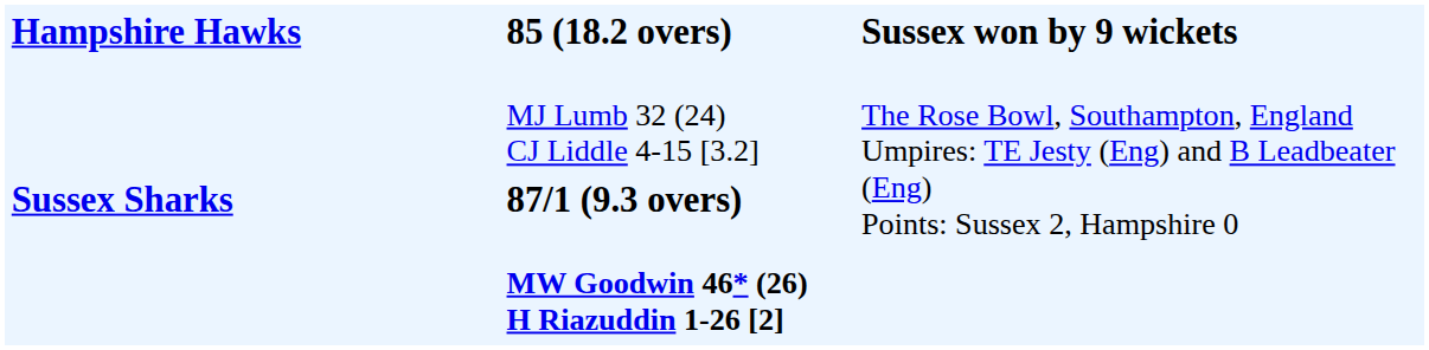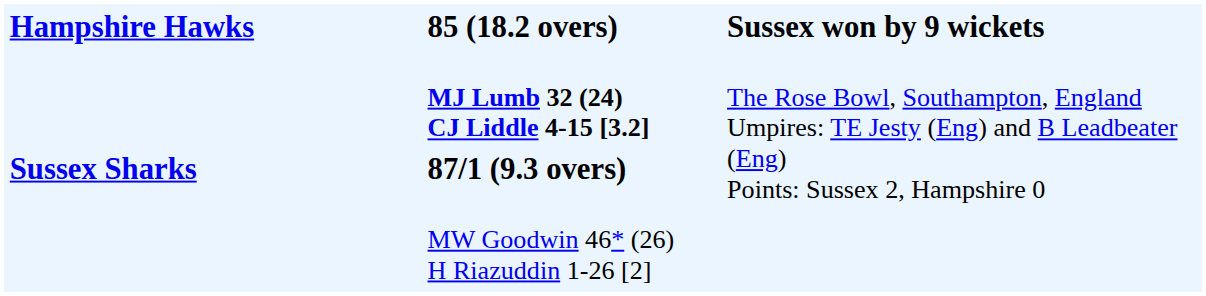 <table style="width:100%; background:#ebf5ff;">
 <tr>
 <td style="width:35%; vertical-align:top;" rowspan="2"><strong><a href='#'>Hampshire Hawks</a></strong></td>
 <td style="width:25%;"><strong>85 (18.2 overs)</strong></td>
 <td style="width:40%;"><strong>Sussex won by 9 wickets</strong></td>
 </tr>
 <tr>
-<td style="font-size: 85%;"><br><a href='#'>MJ Lumb</a> 32 (24)<br> <a href='#'>CJ Liddle</a> 4-15 [3.2]</td>
+<td style="font-size: 85%;"><strong><br><a href='#'>MJ Lumb</a> 32 (24)<br> <a href='#'>CJ Liddle</a> 4-15 [3.2]</strong></td>
 <td style="vertical-align:top; font-size:85%;" rowspan="3"><br><a href='#'>The Rose Bowl</a>, <a href='#'>Southampton</a>, <a href='#'>England</a><br> Umpires: <a href='#'>TE Jesty</a> (<a href='#'>Eng</a>) and <a href='#'>B Leadbeater</a> (<a href='#'>Eng</a>)<br> Points: Sussex 2, Hampshire 0</td>
 </tr>
 <tr>
 <td style="vertical-align:top;" rowspan="2"><strong><a href='#'>Sussex Sharks</a></strong></td>
 <td><strong>87/1 (9.3 overs)</strong></td>
 </tr>
 <tr>
-<td style="font-size: 85%;"><strong><br><a href='#'>MW Goodwin</a> 46<a href='#'>*</a> (26)<br> <a href='#'>H Riazuddin</a> 1-26 [2]</strong></td>
+<td style="font-size: 85%;"><br><a href='#'>MW Goodwin</a> 46<a href='#'>*</a> (26)<br> <a href='#'>H Riazuddin</a> 1-26 [2]</td>
 </tr>
 </table>
